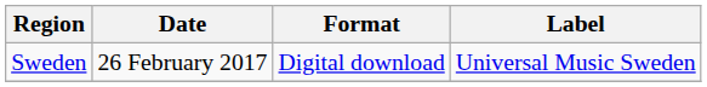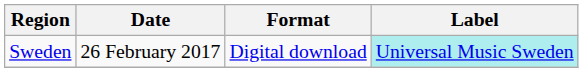 <table class=wikitable>
 <tr>
 <th>Region</th>
 <th>Date</th>
 <th>Format</th>
 <th>Label</th>
 </tr>
 <tr>
 <td><a href='#'>Sweden</a></td>
 <td>26 February 2017</td>
 <td><a href='#'>Digital download</a></td>
-<td><a href='#'>Universal Music Sweden</a></td>
+<td style="background: paleturquoise;"><a href='#'>Universal Music Sweden</a></td>
 </tr>
 <tr>
 </tr>
 </table>
